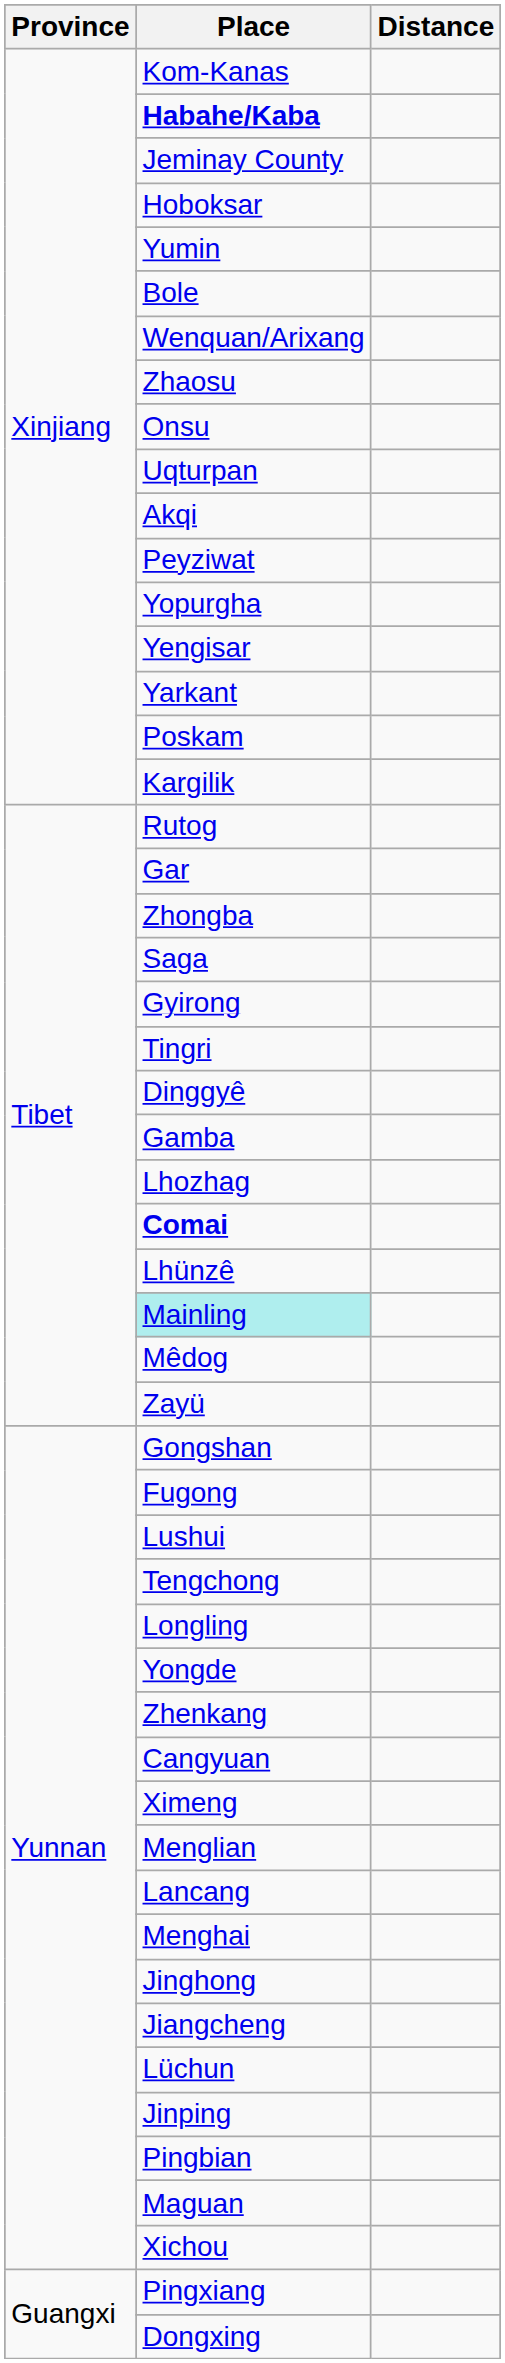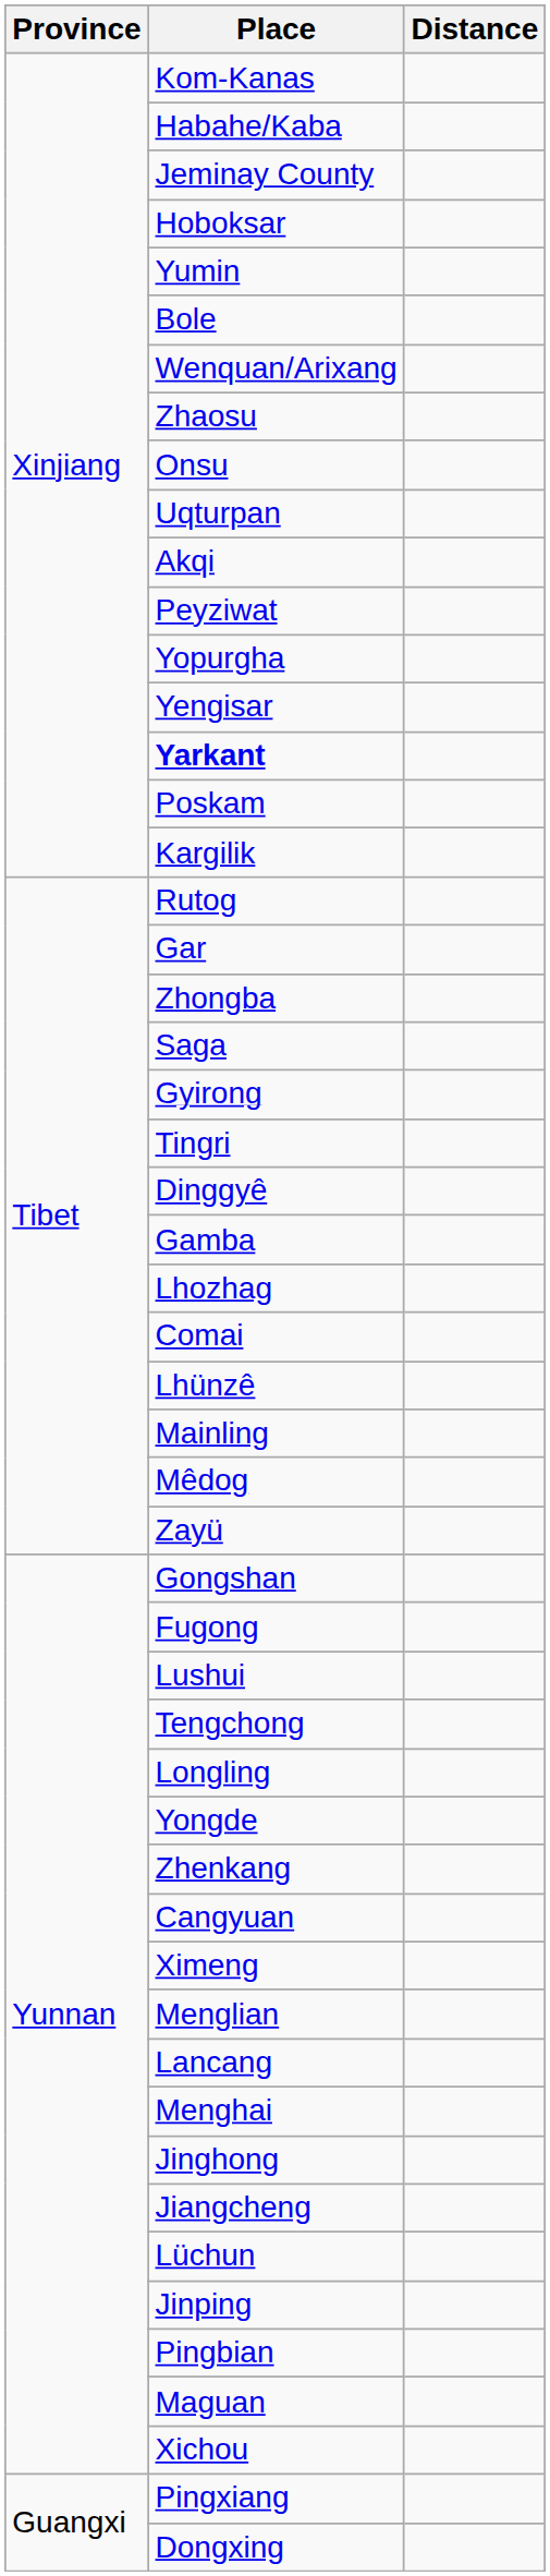 <table class="wikitable mw-collapsible mw-collapsed">
 <tr>
 <th>Province</th>
 <th>Place</th>
 <th>Distance</th>
 </tr>
 <tr>
 <td rowspan="17"><a href='#'>Xinjiang</a></td>
 <td><a href='#'>Kom-Kanas</a></td>
 <td></td>
 </tr>
 <tr>
-<td><strong><a href='#'>Habahe/Kaba</a></strong></td>
+<td><a href='#'>Habahe/Kaba</a></td>
 <td></td>
 </tr>
 <tr>
 <td><a href='#'>Jeminay County</a></td>
 <td></td>
 </tr>
 <tr>
 <td><a href='#'>Hoboksar</a></td>
 <td></td>
 </tr>
 <tr>
 <td><a href='#'>Yumin</a></td>
 <td></td>
 </tr>
 <tr>
 <td><a href='#'>Bole</a></td>
 <td></td>
 </tr>
 <tr>
 <td><a href='#'>Wenquan/Arixang</a></td>
 <td></td>
 </tr>
 <tr>
 <td><a href='#'>Zhaosu</a></td>
 <td></td>
 </tr>
 <tr>
 <td><a href='#'>Onsu</a></td>
 <td></td>
 </tr>
 <tr>
 <td><a href='#'>Uqturpan</a></td>
 <td></td>
 </tr>
 <tr>
 <td><a href='#'>Akqi</a></td>
 <td></td>
 </tr>
 <tr>
 <td><a href='#'>Peyziwat</a></td>
 <td></td>
 </tr>
 <tr>
 <td><a href='#'>Yopurgha</a></td>
 <td></td>
 </tr>
 <tr>
 <td><a href='#'>Yengisar</a></td>
 <td></td>
 </tr>
 <tr>
-<td><a href='#'>Yarkant</a></td>
+<td><strong><a href='#'>Yarkant</a></strong></td>
 <td></td>
 </tr>
 <tr>
 <td><a href='#'>Poskam</a></td>
 <td></td>
 </tr>
 <tr>
 <td><a href='#'>Kargilik</a></td>
 <td></td>
 </tr>
 <tr>
 <td rowspan="14"><a href='#'>Tibet</a></td>
 <td><a href='#'>Rutog</a></td>
 <td></td>
 </tr>
 <tr>
 <td><a href='#'>Gar</a></td>
 <td></td>
 </tr>
 <tr>
 <td><a href='#'>Zhongba</a></td>
 <td></td>
 </tr>
 <tr>
 <td><a href='#'>Saga</a></td>
 <td></td>
 </tr>
 <tr>
 <td><a href='#'>Gyirong</a></td>
 <td></td>
 </tr>
 <tr>
 <td><a href='#'>Tingri</a></td>
 <td></td>
 </tr>
 <tr>
 <td><a href='#'>Dinggyê</a></td>
 <td></td>
 </tr>
 <tr>
 <td><a href='#'>Gamba</a></td>
 <td></td>
 </tr>
 <tr>
 <td><a href='#'>Lhozhag</a></td>
 <td></td>
 </tr>
 <tr>
-<td><strong><a href='#'>Comai</a></strong></td>
+<td><a href='#'>Comai</a></td>
 <td></td>
 </tr>
 <tr>
 <td><a href='#'>Lhünzê</a></td>
 <td></td>
 </tr>
 <tr>
-<td style="background: paleturquoise;"><a href='#'>Mainling</a></td>
+<td><a href='#'>Mainling</a></td>
 <td></td>
 </tr>
 <tr>
 <td><a href='#'>Mêdog</a></td>
 <td></td>
 </tr>
 <tr>
 <td><a href='#'>Zayü</a></td>
 <td></td>
 </tr>
 <tr>
 <td rowspan="19"><a href='#'>Yunnan</a></td>
 <td><a href='#'>Gongshan</a></td>
 <td></td>
 </tr>
 <tr>
 <td><a href='#'>Fugong</a></td>
 <td></td>
 </tr>
 <tr>
 <td><a href='#'>Lushui</a></td>
 <td></td>
 </tr>
 <tr>
 <td><a href='#'>Tengchong</a></td>
 <td></td>
 </tr>
 <tr>
 <td><a href='#'>Longling</a></td>
 <td></td>
 </tr>
 <tr>
 <td><a href='#'>Yongde</a></td>
 <td></td>
 </tr>
 <tr>
 <td><a href='#'>Zhenkang</a></td>
 <td></td>
 </tr>
 <tr>
 <td><a href='#'>Cangyuan</a></td>
 <td></td>
 </tr>
 <tr>
 <td><a href='#'>Ximeng</a></td>
 <td></td>
 </tr>
 <tr>
 <td><a href='#'>Menglian</a></td>
 <td></td>
 </tr>
 <tr>
 <td><a href='#'>Lancang</a></td>
 <td></td>
 </tr>
 <tr>
 <td><a href='#'>Menghai</a></td>
 <td></td>
 </tr>
 <tr>
 <td><a href='#'>Jinghong</a></td>
 <td></td>
 </tr>
 <tr>
 <td><a href='#'>Jiangcheng</a></td>
 <td></td>
 </tr>
 <tr>
 <td><a href='#'>Lüchun</a></td>
 <td></td>
 </tr>
 <tr>
 <td><a href='#'>Jinping</a></td>
 <td></td>
 </tr>
 <tr>
 <td><a href='#'>Pingbian</a></td>
 <td></td>
 </tr>
 <tr>
 <td><a href='#'>Maguan</a></td>
 <td></td>
 </tr>
 <tr>
 <td><a href='#'>Xichou</a></td>
 <td></td>
 </tr>
 <tr>
 <td rowspan="2">Guangxi</td>
 <td><a href='#'>Pingxiang</a></td>
 <td></td>
 </tr>
 <tr>
 <td><a href='#'>Dongxing</a></td>
 <td></td>
 </tr>
 </table>
